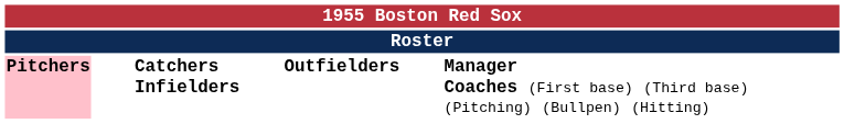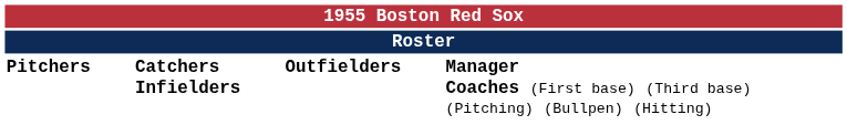 <table class="toccolours" style="text-align: left;">
 <tr>
 <th colspan="10" style="background-color: #ba313c; color: white; text-align: center;">1955 Boston Red Sox</th>
 </tr>
 <tr>
 <td colspan="10" style="background-color: #0d2b56; color: white; text-align: center;"><strong>Roster</strong></td>
 </tr>
 <tr>
-<td valign="top" style="background: pink;"><strong>Pitchers</strong><br>                </td>
+<td valign="top"><strong>Pitchers</strong><br>                </td>
 <td width="25px"></td>
 <td valign="top"><strong>Catchers</strong><br>    <strong>Infielders</strong>            </td>
 <td width="25px"></td>
 <td valign="top"><strong>Outfielders</strong><br>      </td>
 <td width="25px"></td>
 <td valign="top"><strong>Manager</strong><br> <strong>Coaches</strong>  <small>(First base)</small>  <small>(Third base)</small>  <small>(Pitching)</small>  <small>(Bullpen)</small>  <small>(Hitting)</small></td>
 </tr>
 <tr>
 </tr>
 </table>
